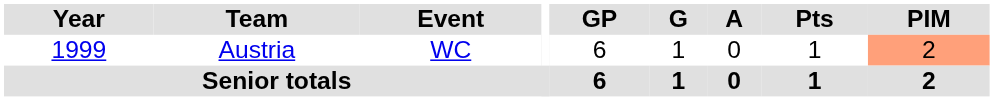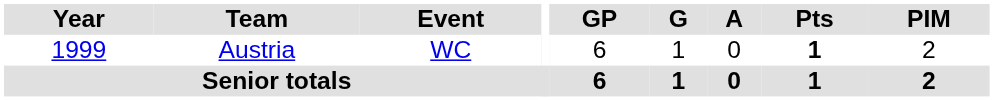 <table border="0" cellpadding="1" cellspacing="0" ID="Table3" style="text-align:center; width:40em">
 <tr bgcolor="#e0e0e0">
 <th>Year</th>
 <th>Team</th>
 <th>Event</th>
 <th rowspan="102" bgcolor="#ffffff"></th>
 <th>GP</th>
 <th>G</th>
 <th>A</th>
 <th>Pts</th>
 <th>PIM</th>
 </tr>
 <tr>
 <td><a href='#'>1999</a></td>
 <td><a href='#'>Austria</a></td>
 <td><a href='#'>WC</a></td>
 <td>6</td>
 <td>1</td>
 <td>0</td>
-<td>1</td>
-<td style="background: lightsalmon;">2</td>
+<td><strong>1</strong></td>
+<td>2</td>
 </tr>
 <tr bgcolor="#e0e0e0">
 <th colspan="4">Senior totals</th>
 <th>6</th>
 <th>1</th>
 <th>0</th>
 <th>1</th>
 <th>2</th>
 </tr>
 </table>
